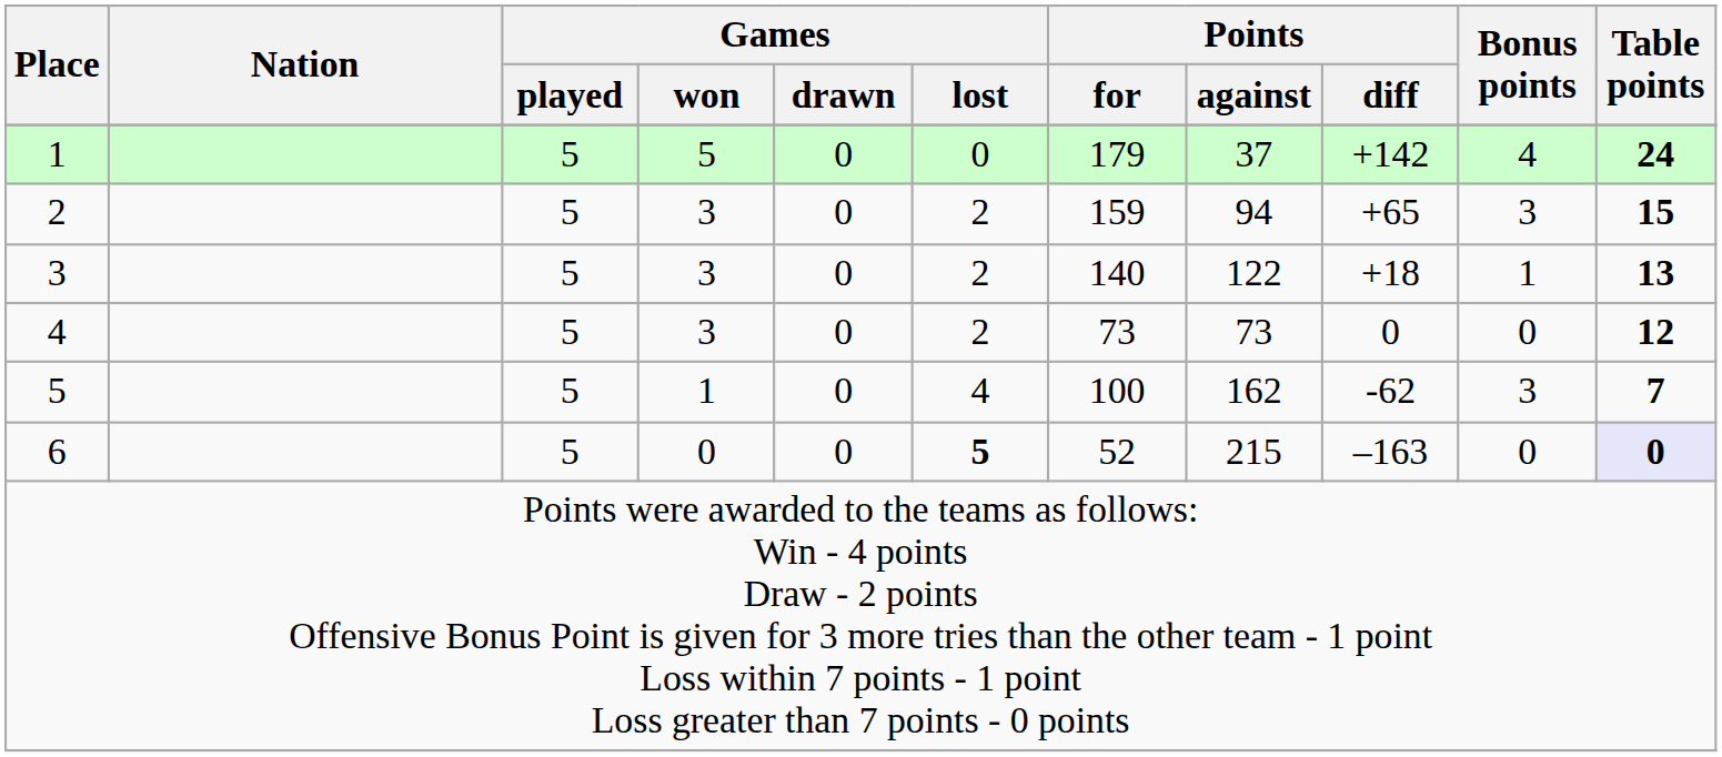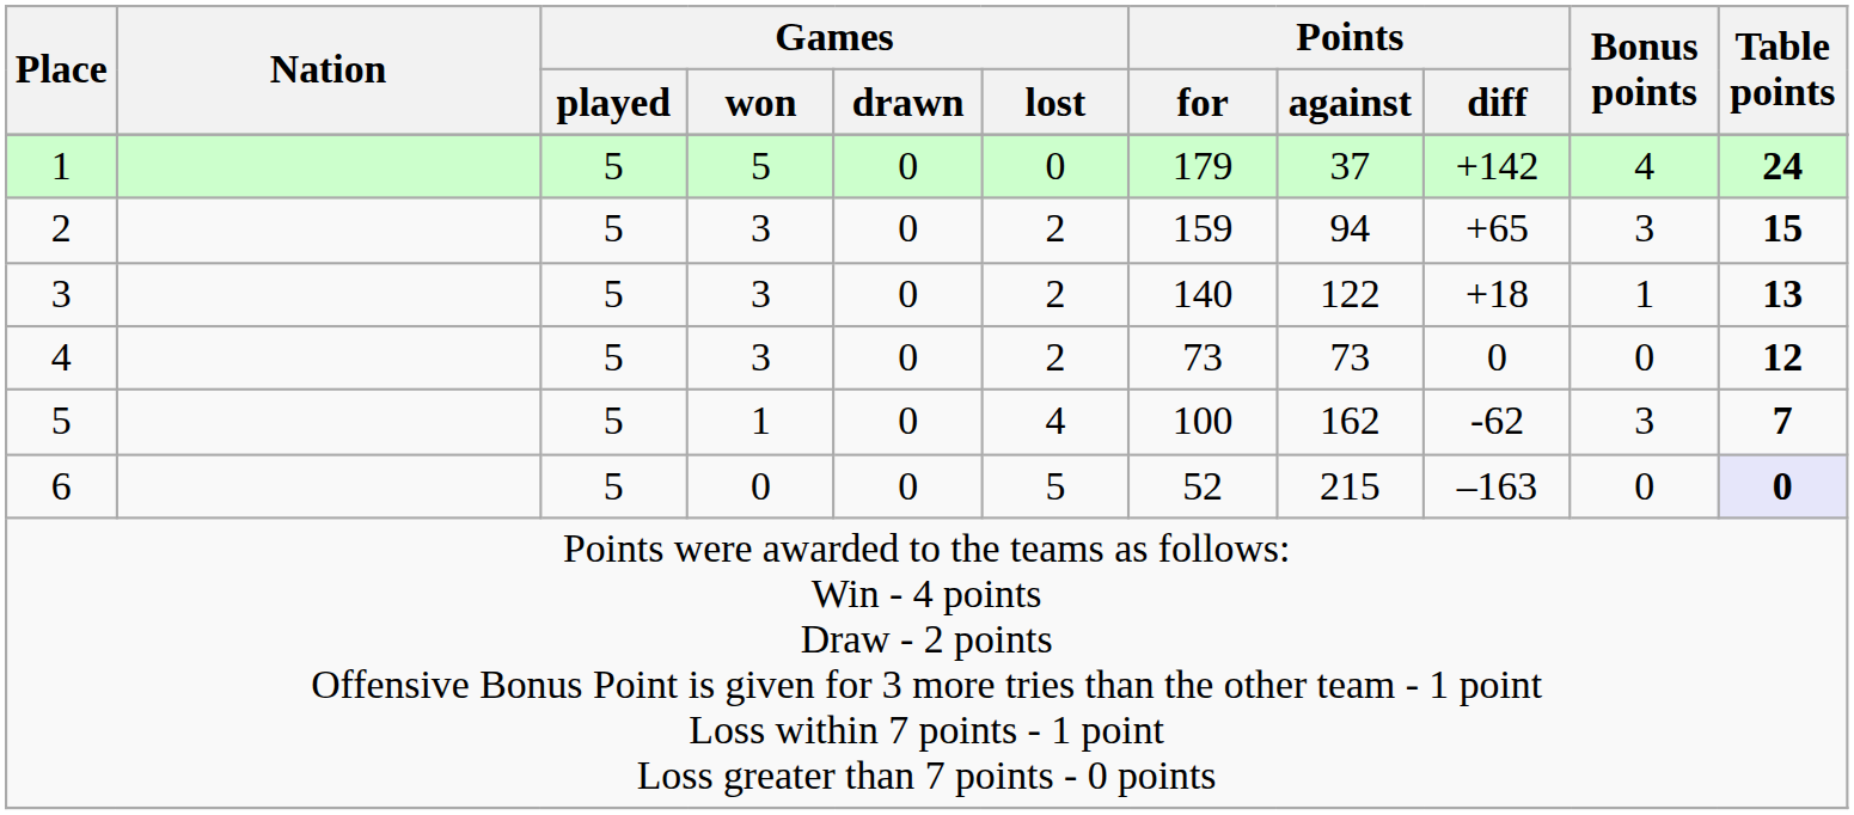 <table class="wikitable">
 <tr>
 <th rowspan=2 width="6%">Place</th>
 <th rowspan=2 width="23%">Nation</th>
 <th colspan=4 width="40%">Games</th>
 <th colspan=3 width="24%">Points</th>
 <th rowspan=2 width="8%">Bonus<br>points</th>
 <th rowspan=2 width="10%">Table<br>points</th>
 </tr>
 <tr>
 <th width="8%">played</th>
 <th width="8%">won</th>
 <th width="8%">drawn</th>
 <th width="8%">lost</th>
 <th width="8%">for</th>
 <th width="8%">against</th>
 <th width="8%">diff</th>
 </tr>
 <tr>
 </tr>
 <tr align=center bgcolor=ccffcc>
 <td>1</td>
 <td align=left></td>
 <td>5</td>
 <td>5</td>
 <td>0</td>
 <td>0</td>
 <td>179</td>
 <td>37</td>
 <td>+142</td>
 <td>4</td>
 <td><strong>24</strong></td>
 </tr>
 <tr align=center>
 <td>2</td>
 <td align=left></td>
 <td>5</td>
 <td>3</td>
 <td>0</td>
 <td>2</td>
 <td>159</td>
 <td>94</td>
 <td>+65</td>
 <td>3</td>
 <td><strong>15</strong></td>
 </tr>
 <tr align=center>
 <td>3</td>
 <td align=left></td>
 <td>5</td>
 <td>3</td>
 <td>0</td>
 <td>2</td>
 <td>140</td>
 <td>122</td>
 <td>+18</td>
 <td>1</td>
 <td><strong>13</strong></td>
 </tr>
 <tr align=center>
 <td>4</td>
 <td align=left></td>
 <td>5</td>
 <td>3</td>
 <td>0</td>
 <td>2</td>
 <td>73</td>
 <td>73</td>
 <td>0</td>
 <td>0</td>
 <td><strong>12</strong></td>
 </tr>
 <tr align=center>
 <td>5</td>
 <td align=left></td>
 <td>5</td>
 <td>1</td>
 <td>0</td>
 <td>4</td>
 <td>100</td>
 <td>162</td>
 <td>-62</td>
 <td>3</td>
 <td><strong>7</strong></td>
 </tr>
 <tr align=center>
 <td>6</td>
 <td align=left></td>
 <td>5</td>
 <td>0</td>
 <td>0</td>
-<td><strong>5</strong></td>
+<td>5</td>
 <td>52</td>
 <td>215</td>
 <td>–163</td>
 <td>0</td>
 <td style="background: lavender;"><strong>0</strong></td>
 </tr>
 <tr>
 <td colspan="100%" style="text-align:center;">Points were awarded to the teams as follows:<br>Win - 4 points<br>Draw - 2 points<br> Offensive Bonus Point is given for 3 more tries than the other team - 1 point<br> Loss within 7 points - 1 point<br>Loss greater than 7 points - 0 points</td>
 </tr>
 <tr>
 </tr>
 </table>
